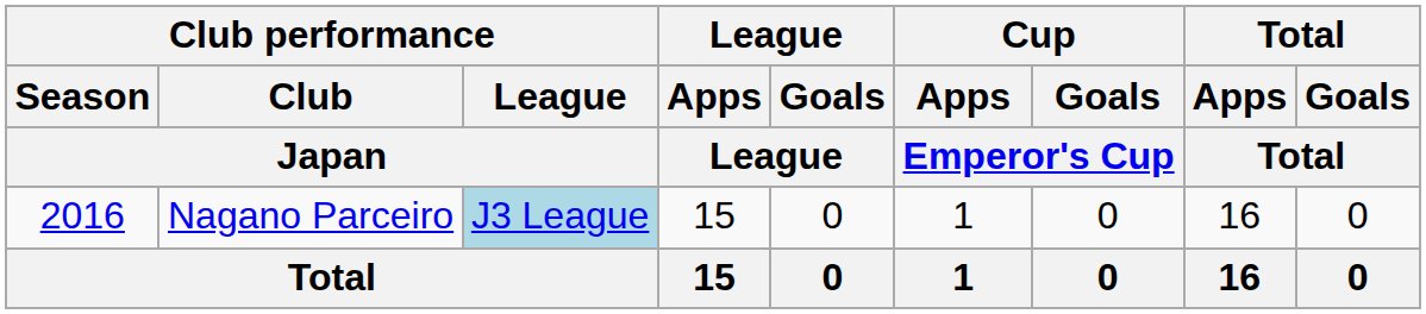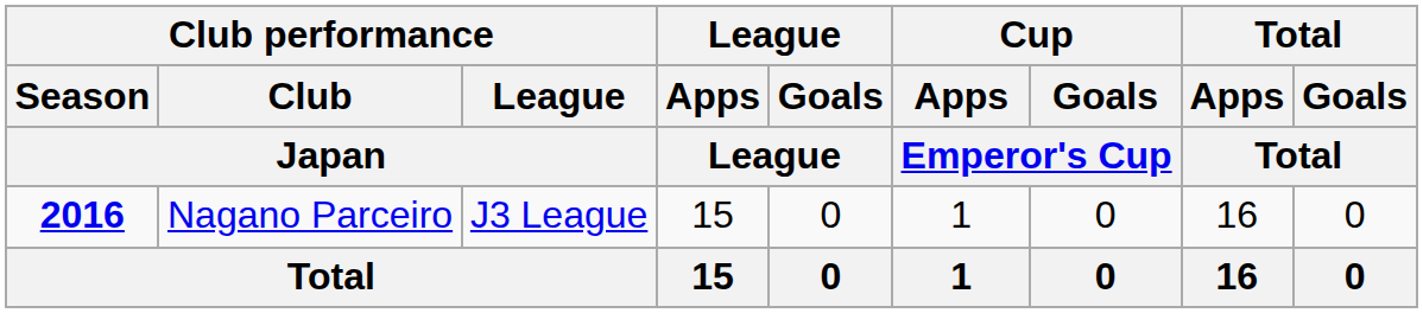 <table class="wikitable" style="text-align:center">
 <tr>
 <th colspan=3>Club performance</th>
 <th colspan=2>League</th>
 <th colspan=2>Cup</th>
 <th colspan=2>Total</th>
 </tr>
 <tr>
 <th>Season</th>
 <th>Club</th>
 <th>League</th>
 <th>Apps</th>
 <th>Goals</th>
 <th>Apps</th>
 <th>Goals</th>
 <th>Apps</th>
 <th>Goals</th>
 </tr>
 <tr>
 <th colspan=3>Japan</th>
 <th colspan=2>League</th>
 <th colspan=2><a href='#'>Emperor's Cup</a></th>
 <th colspan=2>Total</th>
 </tr>
 <tr>
-<td><a href='#'>2016</a></td>
+<td><strong><a href='#'>2016</a></strong></td>
 <td rowspan="1"><a href='#'>Nagano Parceiro</a></td>
-<td rowspan="1" style="background: lightblue;"><a href='#'>J3 League</a></td>
+<td rowspan="1"><a href='#'>J3 League</a></td>
 <td>15</td>
 <td>0</td>
 <td>1</td>
 <td>0</td>
 <td>16</td>
 <td>0</td>
 </tr>
 <tr>
 <th colspan=3>Total</th>
 <th>15</th>
 <th>0</th>
 <th>1</th>
 <th>0</th>
 <th>16</th>
 <th>0</th>
 </tr>
 </table>
